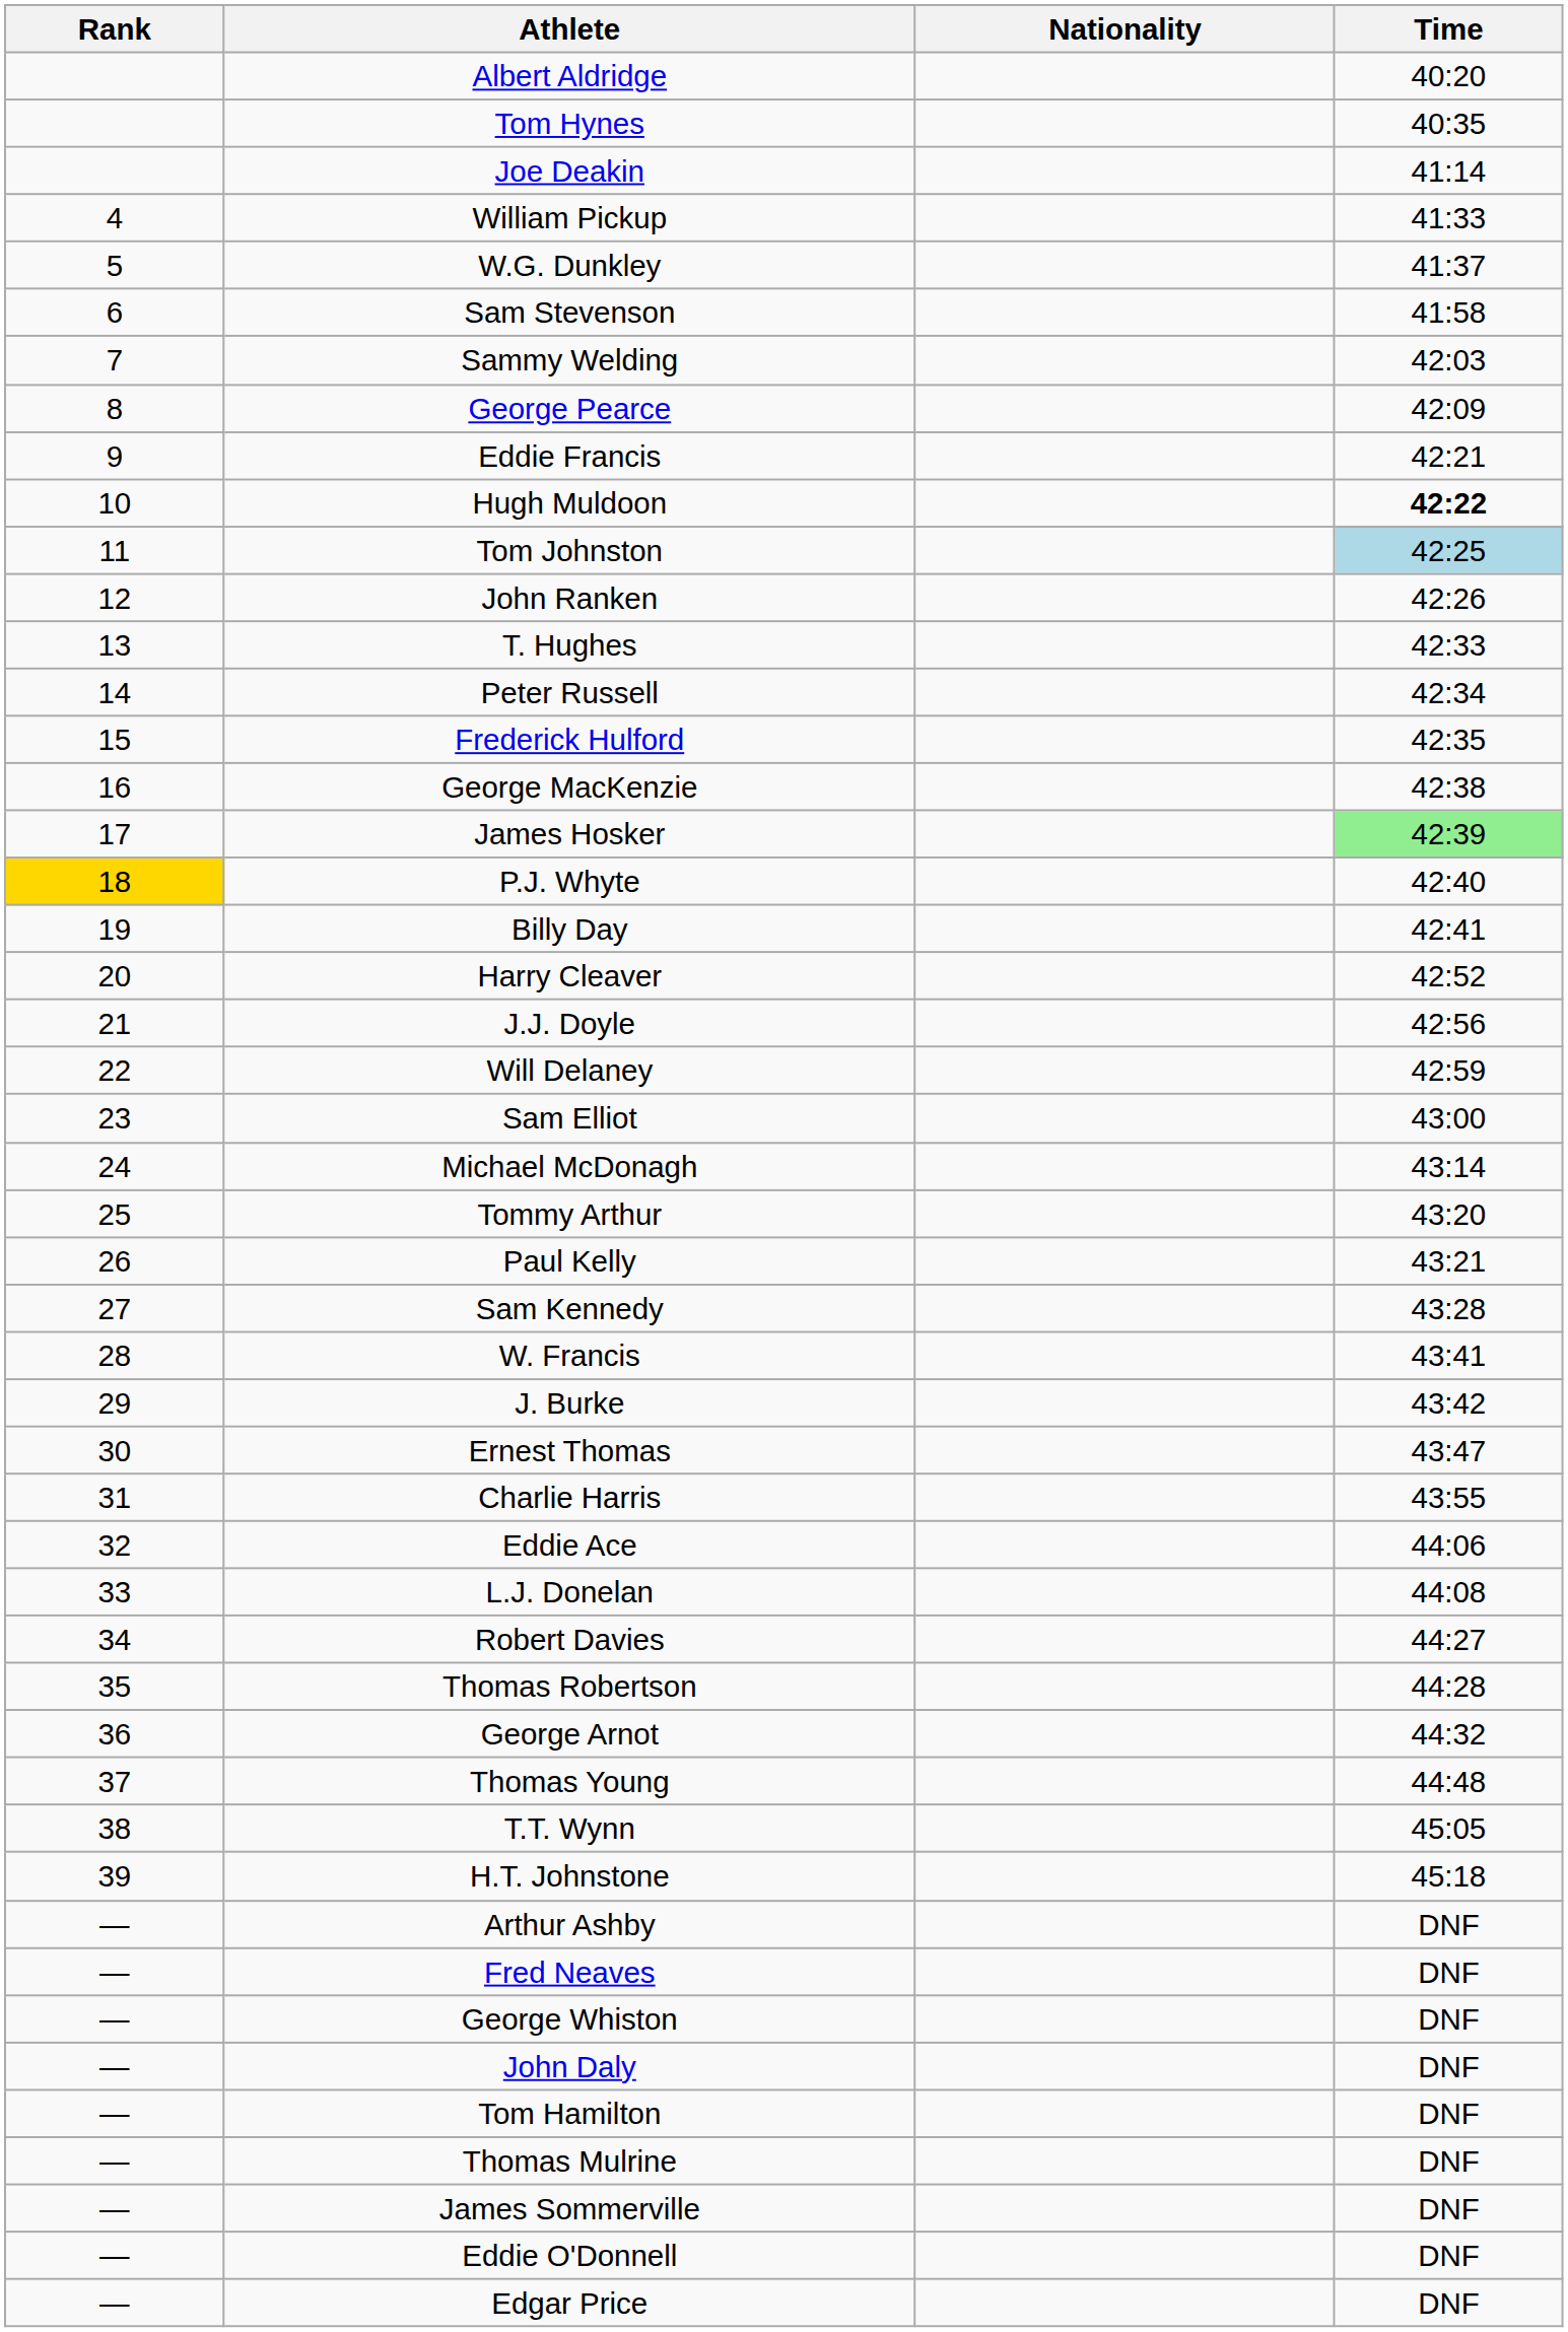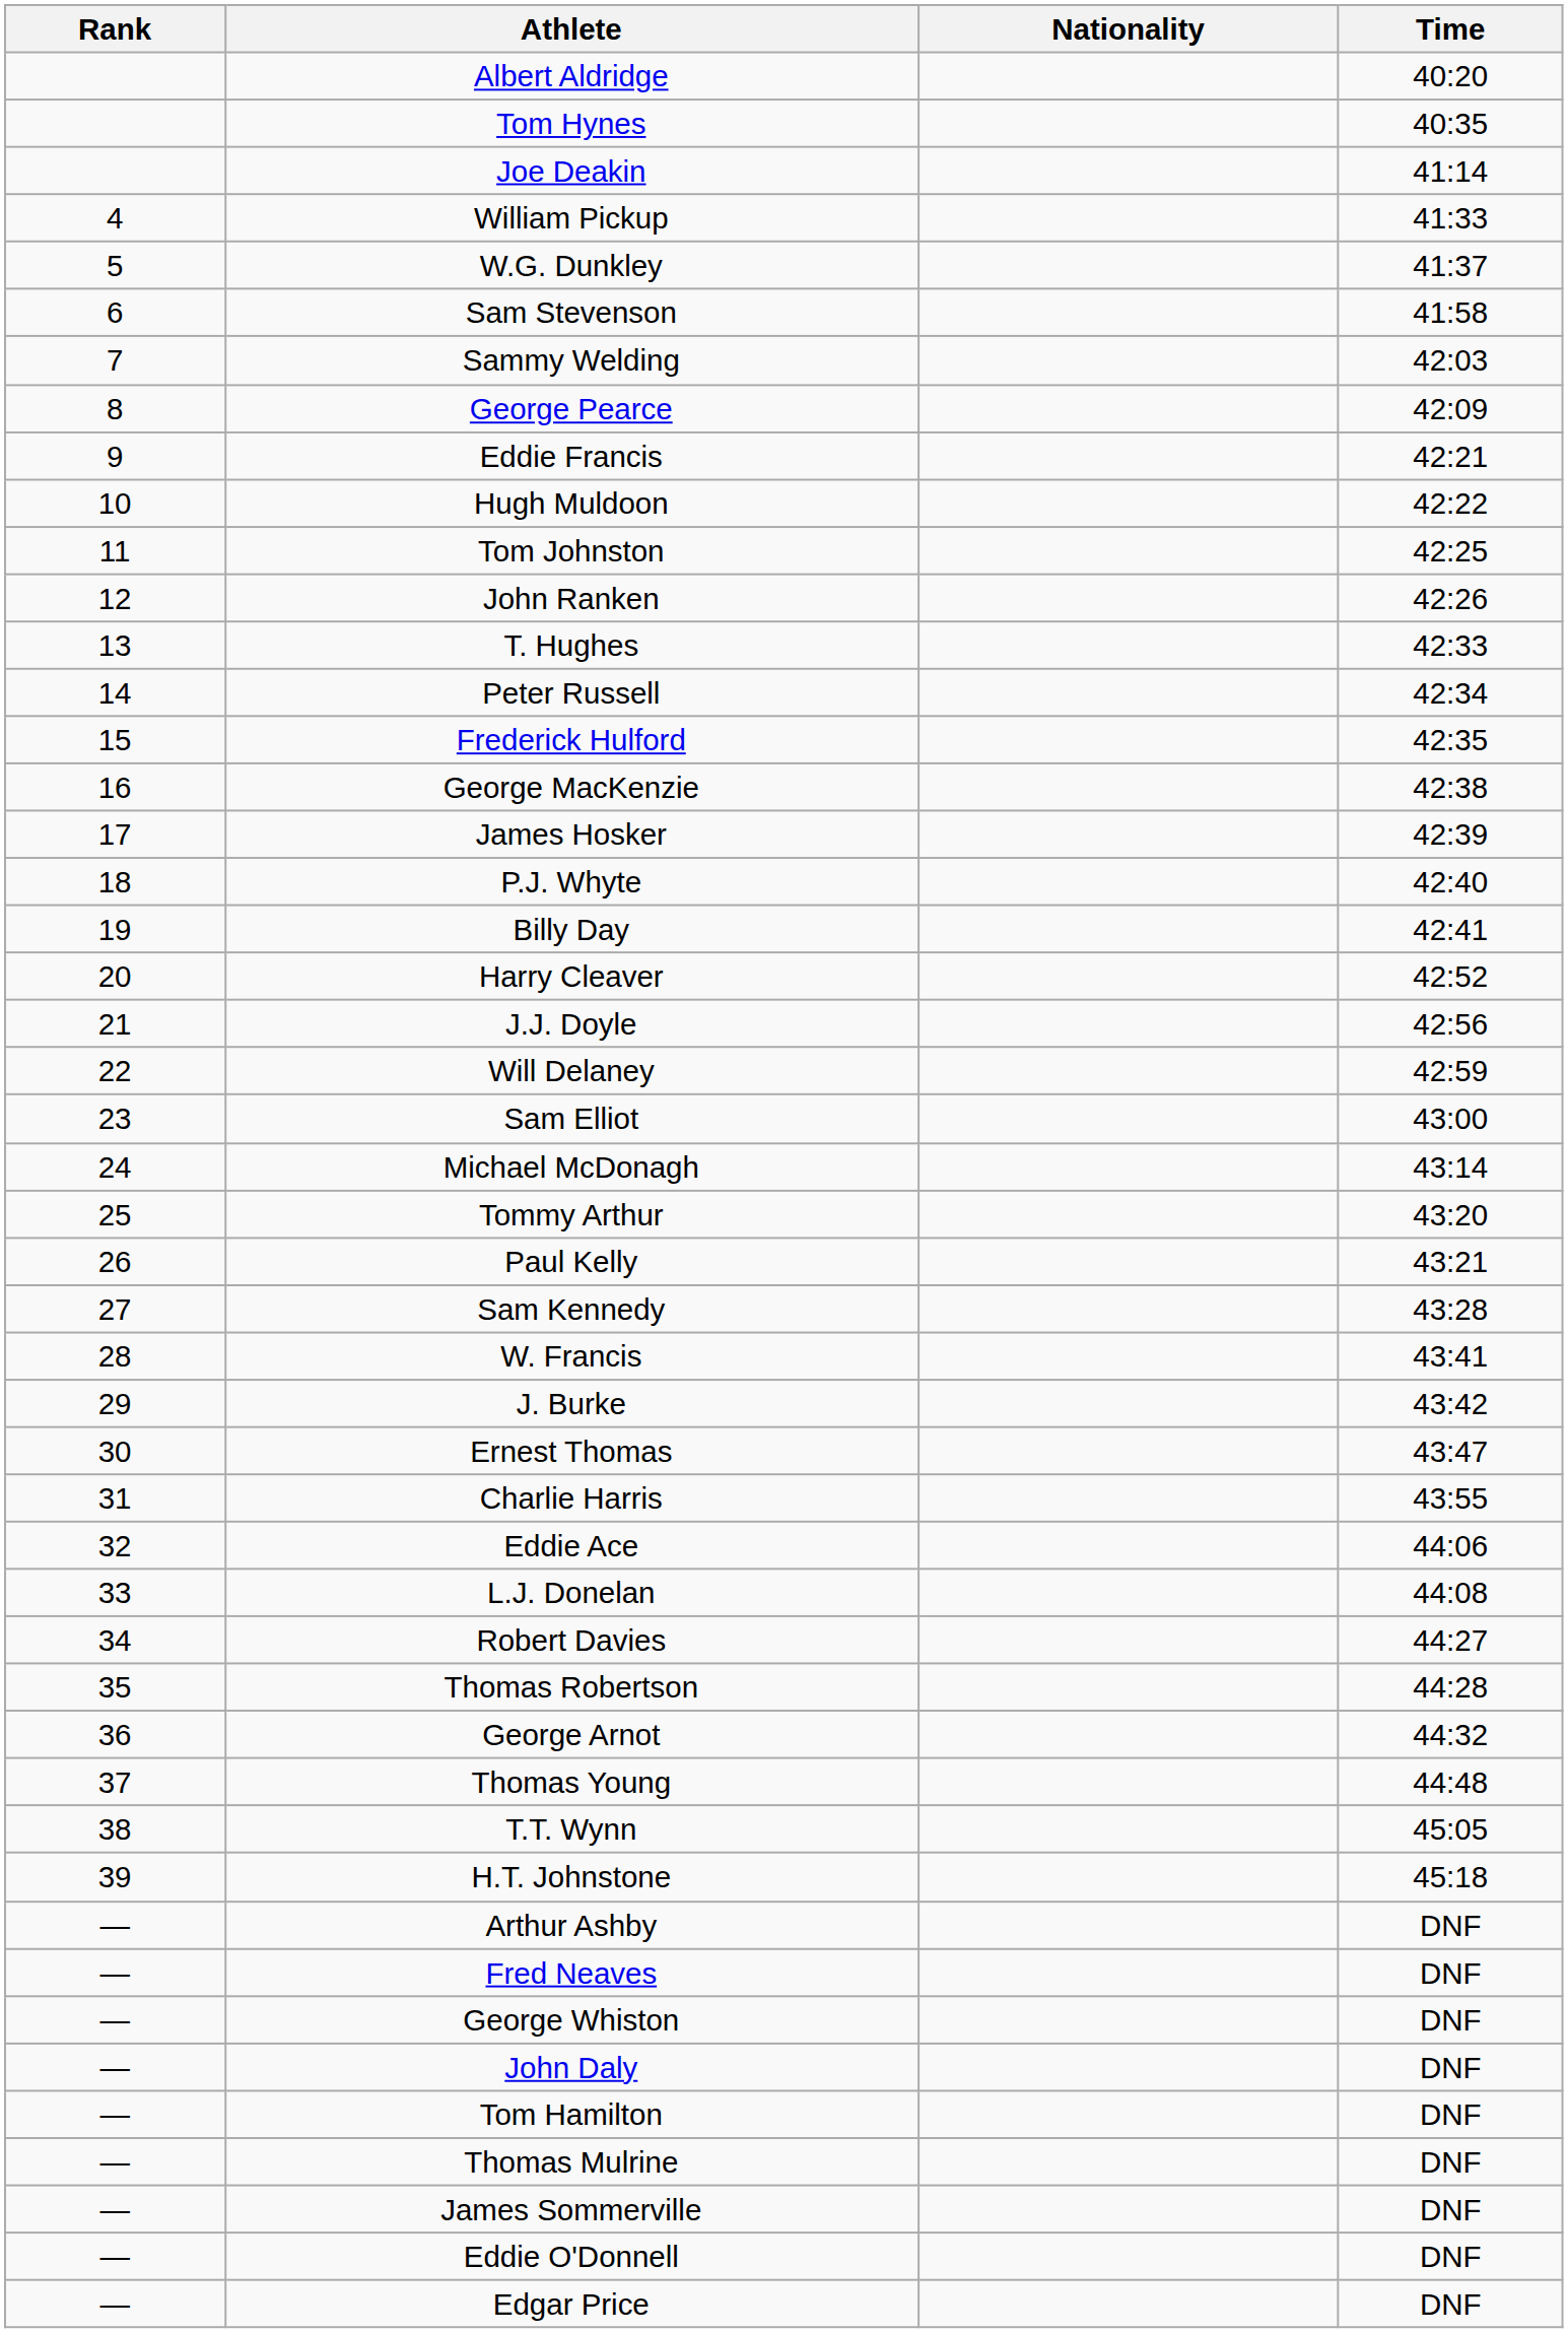 <table class="wikitable sortable" style=" text-align:center; font-size:95%;" width="50%">
 <tr>
 <th>Rank</th>
 <th>Athlete</th>
 <th>Nationality</th>
 <th>Time</th>
 </tr>
 <tr>
 <td align=center></td>
 <td><a href='#'>Albert Aldridge</a></td>
 <td></td>
 <td>40:20</td>
 </tr>
 <tr>
 <td align=center></td>
 <td><a href='#'>Tom Hynes</a></td>
 <td></td>
 <td>40:35</td>
 </tr>
 <tr>
 <td align=center></td>
 <td><a href='#'>Joe Deakin</a></td>
 <td></td>
 <td>41:14</td>
 </tr>
 <tr>
 <td align=center>4</td>
 <td>William Pickup</td>
 <td></td>
 <td>41:33</td>
 </tr>
 <tr>
 <td align=center>5</td>
 <td>W.G. Dunkley</td>
 <td></td>
 <td>41:37</td>
 </tr>
 <tr>
 <td align=center>6</td>
 <td>Sam Stevenson</td>
 <td></td>
 <td>41:58</td>
 </tr>
 <tr>
 <td align=center>7</td>
 <td>Sammy Welding</td>
 <td></td>
 <td>42:03</td>
 </tr>
 <tr>
 <td align=center>8</td>
 <td><a href='#'>George Pearce</a></td>
 <td></td>
 <td>42:09</td>
 </tr>
 <tr>
 <td align=center>9</td>
 <td>Eddie Francis</td>
 <td></td>
 <td>42:21</td>
 </tr>
 <tr>
 <td align=center>10</td>
 <td>Hugh Muldoon</td>
 <td></td>
-<td><strong>42:22</strong></td>
+<td>42:22</td>
 </tr>
 <tr>
 <td align=center>11</td>
 <td>Tom Johnston</td>
 <td></td>
-<td style="background: lightblue;">42:25</td>
+<td>42:25</td>
 </tr>
 <tr>
 <td align=center>12</td>
 <td>John Ranken</td>
 <td></td>
 <td>42:26</td>
 </tr>
 <tr>
 <td align=center>13</td>
 <td>T. Hughes</td>
 <td></td>
 <td>42:33</td>
 </tr>
 <tr>
 <td align=center>14</td>
 <td>Peter Russell</td>
 <td></td>
 <td>42:34</td>
 </tr>
 <tr>
 <td align=center>15</td>
 <td><a href='#'>Frederick Hulford</a></td>
 <td></td>
 <td>42:35</td>
 </tr>
 <tr>
 <td align=center>16</td>
 <td>George MacKenzie</td>
 <td></td>
 <td>42:38</td>
 </tr>
 <tr>
 <td align=center>17</td>
 <td>James Hosker</td>
 <td></td>
-<td style="background: lightgreen;">42:39</td>
+<td>42:39</td>
 </tr>
 <tr>
-<td align=center style="background: gold;">18</td>
+<td align=center>18</td>
 <td>P.J. Whyte</td>
 <td></td>
 <td>42:40</td>
 </tr>
 <tr>
 <td align=center>19</td>
 <td>Billy Day</td>
 <td></td>
 <td>42:41</td>
 </tr>
 <tr>
 <td align=center>20</td>
 <td>Harry Cleaver</td>
 <td></td>
 <td>42:52</td>
 </tr>
 <tr>
 <td align=center>21</td>
 <td>J.J. Doyle</td>
 <td></td>
 <td>42:56</td>
 </tr>
 <tr>
 <td align=center>22</td>
 <td>Will Delaney</td>
 <td></td>
 <td>42:59</td>
 </tr>
 <tr>
 <td align=center>23</td>
 <td>Sam Elliot</td>
 <td></td>
 <td>43:00</td>
 </tr>
 <tr>
 <td align=center>24</td>
 <td>Michael McDonagh</td>
 <td></td>
 <td>43:14</td>
 </tr>
 <tr>
 <td align=center>25</td>
 <td>Tommy Arthur</td>
 <td></td>
 <td>43:20</td>
 </tr>
 <tr>
 <td align=center>26</td>
 <td>Paul Kelly</td>
 <td></td>
 <td>43:21</td>
 </tr>
 <tr>
 <td align=center>27</td>
 <td>Sam Kennedy</td>
 <td></td>
 <td>43:28</td>
 </tr>
 <tr>
 <td align=center>28</td>
 <td>W. Francis</td>
 <td></td>
 <td>43:41</td>
 </tr>
 <tr>
 <td align=center>29</td>
 <td>J. Burke</td>
 <td></td>
 <td>43:42</td>
 </tr>
 <tr>
 <td align=center>30</td>
 <td>Ernest Thomas</td>
 <td></td>
 <td>43:47</td>
 </tr>
 <tr>
 <td align=center>31</td>
 <td>Charlie Harris</td>
 <td></td>
 <td>43:55</td>
 </tr>
 <tr>
 <td align=center>32</td>
 <td>Eddie Ace</td>
 <td></td>
 <td>44:06</td>
 </tr>
 <tr>
 <td align=center>33</td>
 <td>L.J. Donelan</td>
 <td></td>
 <td>44:08</td>
 </tr>
 <tr>
 <td align=center>34</td>
 <td>Robert Davies</td>
 <td></td>
 <td>44:27</td>
 </tr>
 <tr>
 <td align=center>35</td>
 <td>Thomas Robertson</td>
 <td></td>
 <td>44:28</td>
 </tr>
 <tr>
 <td align=center>36</td>
 <td>George Arnot</td>
 <td></td>
 <td>44:32</td>
 </tr>
 <tr>
 <td align=center>37</td>
 <td>Thomas Young</td>
 <td></td>
 <td>44:48</td>
 </tr>
 <tr>
 <td align=center>38</td>
 <td>T.T. Wynn</td>
 <td></td>
 <td>45:05</td>
 </tr>
 <tr>
 <td align=center>39</td>
 <td>H.T. Johnstone</td>
 <td></td>
 <td>45:18</td>
 </tr>
 <tr>
 <td align=center>—</td>
 <td>Arthur Ashby</td>
 <td></td>
 <td>DNF</td>
 </tr>
 <tr>
 <td align=center>—</td>
 <td><a href='#'>Fred Neaves</a></td>
 <td></td>
 <td>DNF</td>
 </tr>
 <tr>
 <td align=center>—</td>
 <td>George Whiston</td>
 <td></td>
 <td>DNF</td>
 </tr>
 <tr>
 <td align=center>—</td>
 <td><a href='#'>John Daly</a></td>
 <td></td>
 <td>DNF</td>
 </tr>
 <tr>
 <td align=center>—</td>
 <td>Tom Hamilton</td>
 <td></td>
 <td>DNF</td>
 </tr>
 <tr>
 <td align=center>—</td>
 <td>Thomas Mulrine</td>
 <td></td>
 <td>DNF</td>
 </tr>
 <tr>
 <td align=center>—</td>
 <td>James Sommerville</td>
 <td></td>
 <td>DNF</td>
 </tr>
 <tr>
 <td align=center>—</td>
 <td>Eddie O'Donnell</td>
 <td></td>
 <td>DNF</td>
 </tr>
 <tr>
 <td align=center>—</td>
 <td>Edgar Price</td>
 <td></td>
 <td>DNF</td>
 </tr>
 </table>
